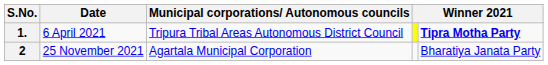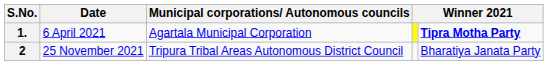 <table class="wikitable sortable">
 <tr>
 <th>S.No.</th>
 <th>Date</th>
 <th>Municipal corporations/ Autonomous councils</th>
 <th colspan="2">Winner 2021</th>
 </tr>
 <tr>
 <th>1.</th>
 <td><a href='#'>6 April 2021</a></td>
-<td><a href='#'>Tripura Tribal Areas Autonomous District Council</a></td>
+<td><a href='#'>Agartala Municipal Corporation</a></td>
 <td bgcolor="Yellow"></td>
 <td><strong><a href='#'>Tipra Motha Party</a></strong></td>
 </tr>
 <tr>
 <th>2</th>
 <td rowspan="2"><a href='#'>25 November 2021</a></td>
-<td><a href='#'>Agartala Municipal Corporation</a></td>
+<td><a href='#'>Tripura Tribal Areas Autonomous District Council</a></td>
 <td rowspan="2"></td>
 <td rowspan="2"><a href='#'>Bharatiya Janata Party</a></td>
 </tr>
 </table>
